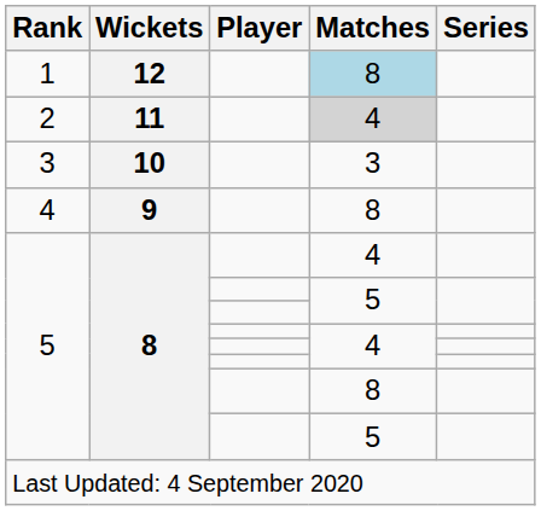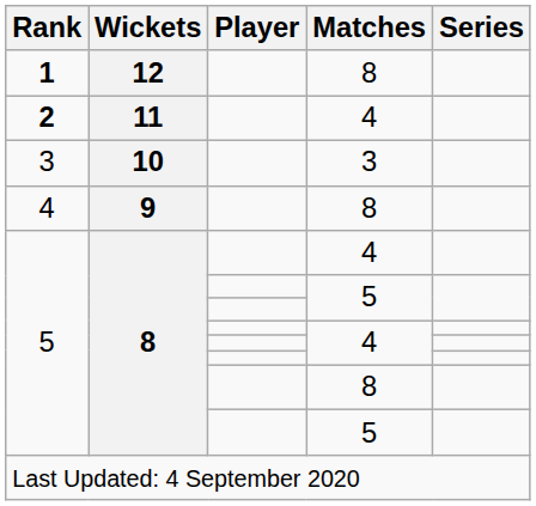 <table class="wikitable plainrowheaders sortable">
 <tr>
 <th scope=col>Rank</th>
 <th scope=col>Wickets</th>
 <th scope=col>Player</th>
 <th scope=col>Matches</th>
 <th scope=col>Series</th>
 </tr>
 <tr>
-<td align=center>1</td>
+<td align=center><strong>1</strong></td>
 <th scope=row style=text-align:center;>12</th>
 <td> </td>
-<td align=center style="background: lightblue;">8</td>
+<td align=center>8</td>
 <td></td>
 </tr>
 <tr>
-<td align=center>2</td>
+<td align=center><strong>2</strong></td>
 <th scope=row style=text-align:center;>11</th>
 <td> </td>
-<td align=center style="background: lightgrey;">4</td>
+<td align=center>4</td>
 <td></td>
 </tr>
 <tr>
 <td align=center>3</td>
 <th scope=row style=text-align:center;>10</th>
 <td> </td>
 <td align=center>3</td>
 <td></td>
 </tr>
 <tr>
 <td align=center>4</td>
 <th scope=row style=text-align:center;>9</th>
 <td> </td>
 <td align=center>8</td>
 <td></td>
 </tr>
 <tr>
 <td align=center rowspan=8>5</td>
 <th scope=row style=text-align:center; rowspan=8>8</th>
 <td></td>
 <td align=center>4</td>
 <td></td>
 </tr>
 <tr>
 <td></td>
 <td align=center rowspan=2>5</td>
 <td rowspan=2></td>
 </tr>
 <tr>
 <td></td>
 </tr>
 <tr>
 <td></td>
 <td align=center rowspan=3>4</td>
 <td></td>
 </tr>
 <tr>
 <td></td>
 <td></td>
 </tr>
 <tr>
 <td> </td>
 <td></td>
 </tr>
 <tr>
 <td></td>
 <td align=center>8</td>
 <td></td>
 </tr>
 <tr>
 <td> </td>
 <td align=center>5</td>
 <td></td>
 </tr>
 <tr class=sortbottom>
 <td colspan=5><small>Last Updated: 4 September 2020</small></td>
 </tr>
 </table>
